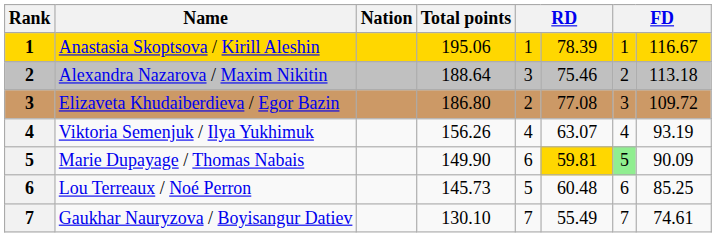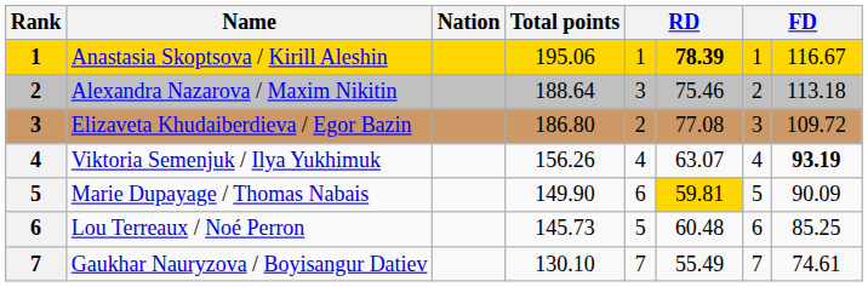 <table class="wikitable sortable">
 <tr>
 <th>Rank</th>
 <th>Name</th>
 <th>Nation</th>
 <th>Total points</th>
 <th colspan="2" width="80px"><a href='#'>RD</a></th>
 <th colspan="2" width="80px"><a href='#'>FD</a></th>
 </tr>
 <tr bgcolor="gold">
 <td align="center"><strong>1</strong></td>
 <td><a href='#'>Anastasia Skoptsova</a> / <a href='#'>Kirill Aleshin</a></td>
 <td></td>
 <td align="center">195.06</td>
 <td align="center">1</td>
-<td align="center">78.39</td>
+<td align="center"><strong>78.39</strong></td>
 <td align="center">1</td>
 <td align="center">116.67</td>
 </tr>
 <tr bgcolor="silver">
 <td align="center"><strong>2</strong></td>
 <td><a href='#'>Alexandra Nazarova</a> / <a href='#'>Maxim Nikitin</a></td>
 <td></td>
 <td align="center">188.64</td>
 <td align="center">3</td>
 <td align="center">75.46</td>
 <td align="center">2</td>
 <td align="center">113.18</td>
 </tr>
 <tr bgcolor="cc9966">
 <td align="center"><strong>3</strong></td>
 <td><a href='#'>Elizaveta Khudaiberdieva</a> / <a href='#'>Egor Bazin</a></td>
 <td></td>
 <td align="center">186.80</td>
 <td align="center">2</td>
 <td align="center">77.08</td>
 <td align="center">3</td>
 <td align="center">109.72</td>
 </tr>
 <tr>
 <th>4</th>
 <td><a href='#'>Viktoria Semenjuk</a> / <a href='#'>Ilya Yukhimuk</a></td>
 <td></td>
 <td align="center">156.26</td>
 <td align="center">4</td>
 <td align="center">63.07</td>
 <td align="center">4</td>
-<td align="center">93.19</td>
+<td align="center"><strong>93.19</strong></td>
 </tr>
 <tr>
 <th>5</th>
 <td><a href='#'>Marie Dupayage</a> / <a href='#'>Thomas Nabais</a></td>
 <td></td>
 <td align="center">149.90</td>
 <td align="center">6</td>
 <td align="center" style="background: gold;">59.81</td>
-<td align="center" style="background: lightgreen;">5</td>
+<td align="center">5</td>
 <td align="center">90.09</td>
 </tr>
 <tr>
 <th>6</th>
 <td><a href='#'>Lou Terreaux</a> / <a href='#'>Noé Perron</a></td>
 <td></td>
 <td align="center">145.73</td>
 <td align="center">5</td>
 <td align="center">60.48</td>
 <td align="center">6</td>
 <td align="center">85.25</td>
 </tr>
 <tr>
 <th>7</th>
 <td><a href='#'>Gaukhar Nauryzova</a> / <a href='#'>Boyisangur Datiev</a></td>
 <td></td>
 <td align="center">130.10</td>
 <td align="center">7</td>
 <td align="center">55.49</td>
 <td align="center">7</td>
 <td align="center">74.61</td>
 </tr>
 </table>
